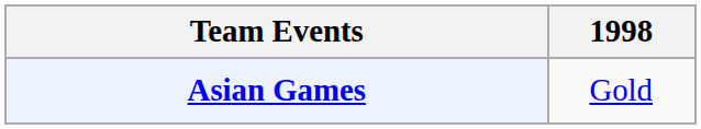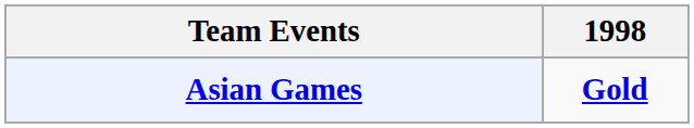 <table class="wikitable" style="font-size: 90%; text-align:center">
 <tr>
 <th width=180>Team Events</th>
 <th>1998</th>
 </tr>
 <tr style="height: 30px;">
 <td bgcolor=ECF2FF style="width: 240px;align=left"><strong><a href='#'>Asian Games</a></strong></td>
-<td style="width: 60px"> <a href='#'>Gold</a></td>
+<td style="width: 60px"><strong> <a href='#'>Gold</a></strong></td>
 </tr>
 </table>
